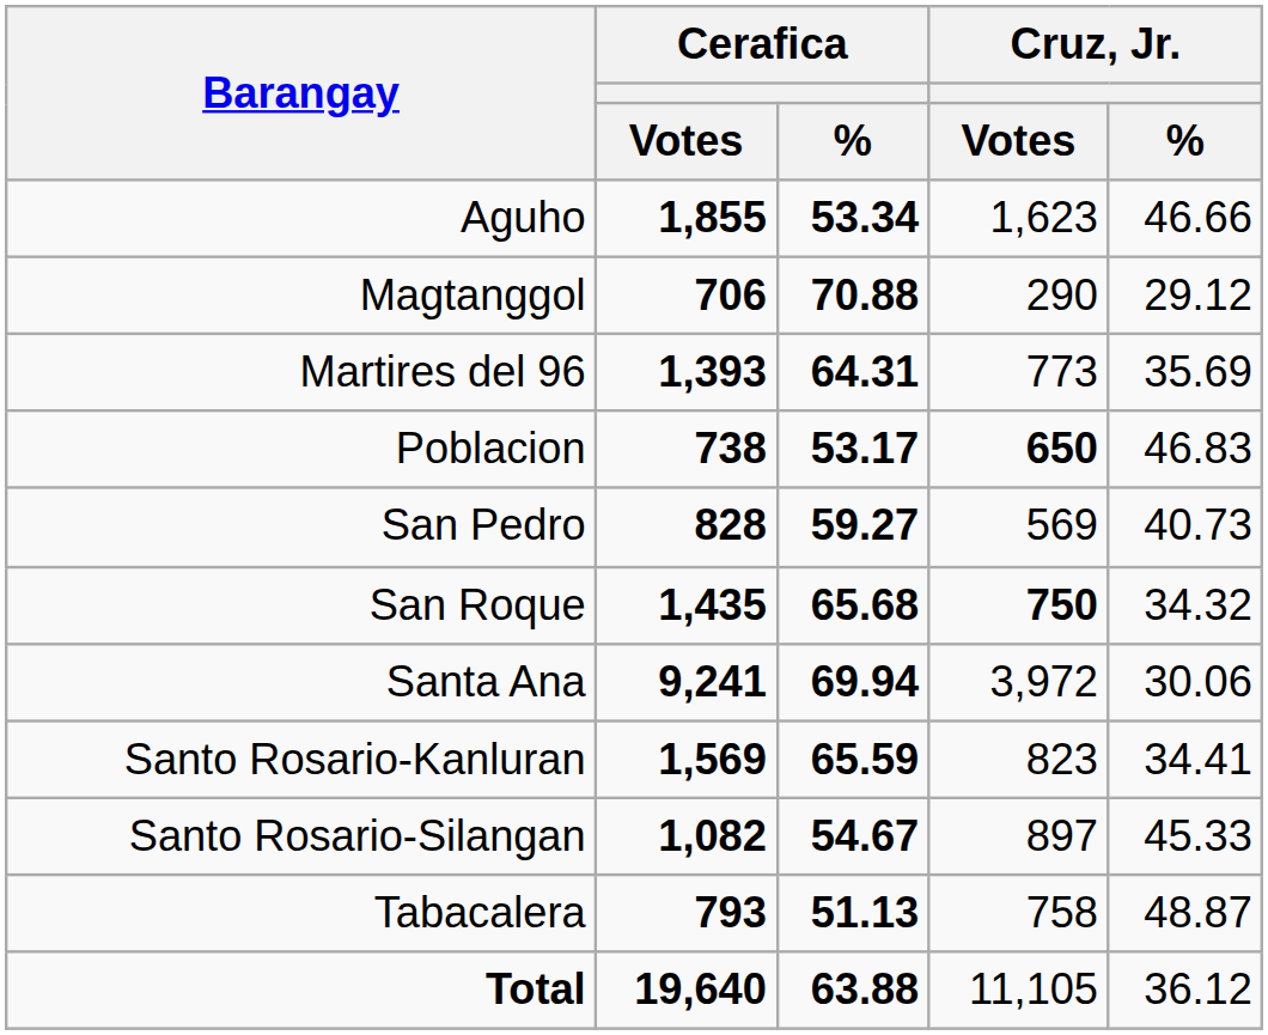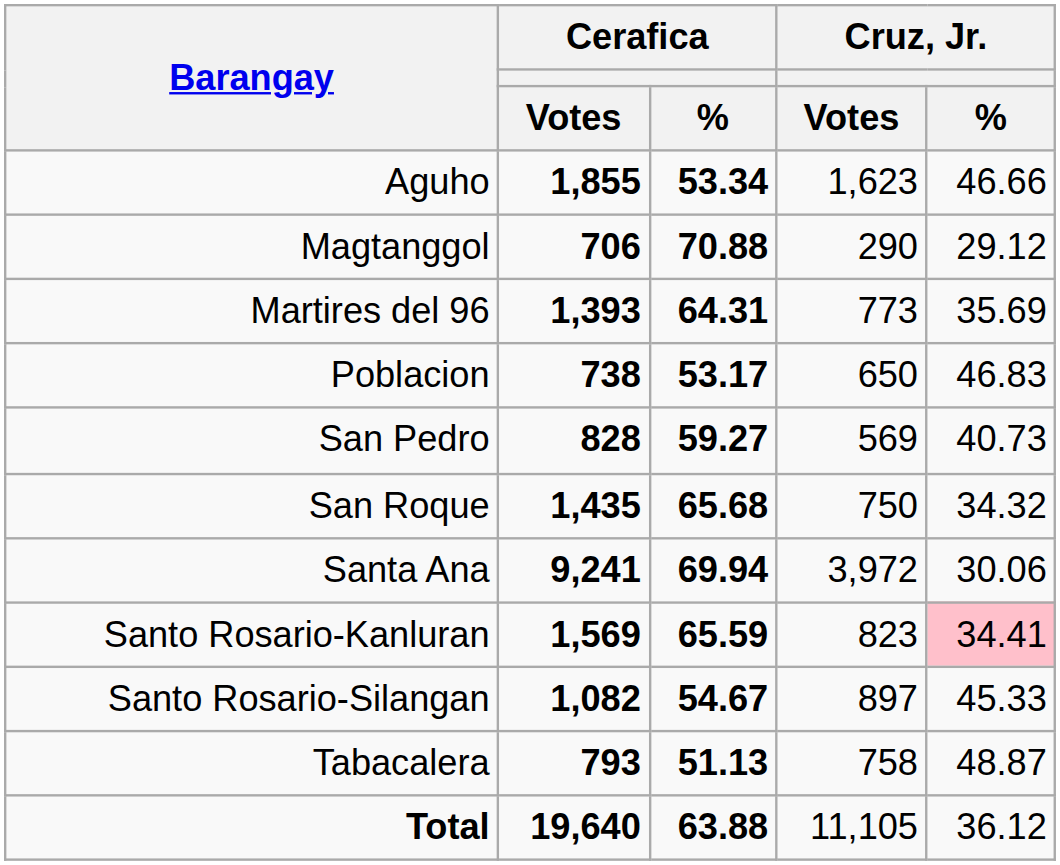 <table class="wikitable collapsible collapsed" style="text-align:right; font-size:95%; line-height:20px;">
 <tr>
 <th rowspan="3" width="200"><a href='#'>Barangay</a></th>
 <th colspan="2" width="110">Cerafica</th>
 <th colspan="2" width="110">Cruz, Jr.</th>
 </tr>
 <tr>
 <th colspan="2" style="background:"></th>
 <th colspan="2" style="background:"></th>
 </tr>
 <tr>
 <th>Votes</th>
 <th>%</th>
 <th>Votes</th>
 <th>%</th>
 </tr>
 <tr>
 <td>Aguho</td>
 <td style="background:#"><strong>1,855</strong></td>
 <td style="background:#"><strong>53.34</strong></td>
 <td>1,623</td>
 <td>46.66</td>
 </tr>
 <tr>
 <td>Magtanggol</td>
 <td style="background:#"><strong>706</strong></td>
 <td style="background:#"><strong>70.88</strong></td>
 <td>290</td>
 <td>29.12</td>
 </tr>
 <tr>
 <td>Martires del 96</td>
 <td style="background:#"><strong>1,393</strong></td>
 <td style="background:#"><strong>64.31</strong></td>
 <td>773</td>
 <td>35.69</td>
 </tr>
 <tr>
 <td>Poblacion</td>
 <td style="background:#"><strong>738</strong></td>
 <td style="background:#"><strong>53.17</strong></td>
-<td><strong>650</strong></td>
+<td>650</td>
 <td>46.83</td>
 </tr>
 <tr>
 <td>San Pedro</td>
 <td style="background:#"><strong>828</strong></td>
 <td style="background:#"><strong>59.27</strong></td>
 <td>569</td>
 <td>40.73</td>
 </tr>
 <tr>
 <td>San Roque</td>
 <td style="background:#"><strong>1,435</strong></td>
 <td style="background:#"><strong>65.68</strong></td>
-<td><strong>750</strong></td>
+<td>750</td>
 <td>34.32</td>
 </tr>
 <tr>
 <td>Santa Ana</td>
 <td style="background:#"><strong>9,241</strong></td>
 <td style="background:#"><strong>69.94</strong></td>
 <td>3,972</td>
 <td>30.06</td>
 </tr>
 <tr>
 <td>Santo Rosario-Kanluran</td>
 <td style="background:#"><strong>1,569</strong></td>
 <td style="background:#"><strong>65.59</strong></td>
 <td>823</td>
-<td>34.41</td>
+<td style="background: pink;">34.41</td>
 </tr>
 <tr>
 <td>Santo Rosario-Silangan</td>
 <td style="background:#"><strong>1,082</strong></td>
 <td style="background:#"><strong>54.67</strong></td>
 <td>897</td>
 <td>45.33</td>
 </tr>
 <tr>
 <td>Tabacalera</td>
 <td style="background:#"><strong>793</strong></td>
 <td style="background:#"><strong>51.13</strong></td>
 <td>758</td>
 <td>48.87</td>
 </tr>
 <tr>
 <td><strong>Total</strong></td>
 <td style="background:#"><strong>19,640</strong></td>
 <td style="background:#"><strong>63.88</strong></td>
 <td>11,105</td>
 <td>36.12</td>
 </tr>
 </table>
